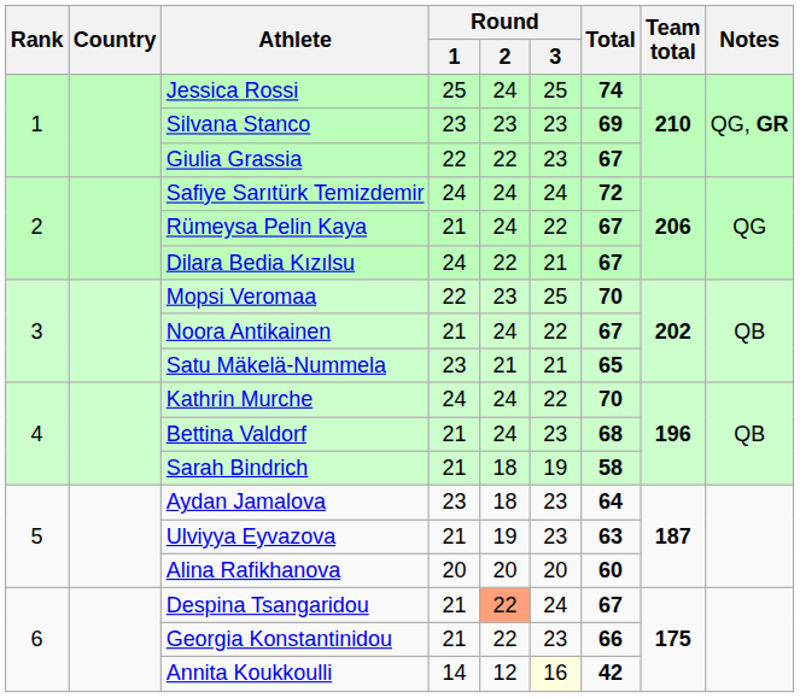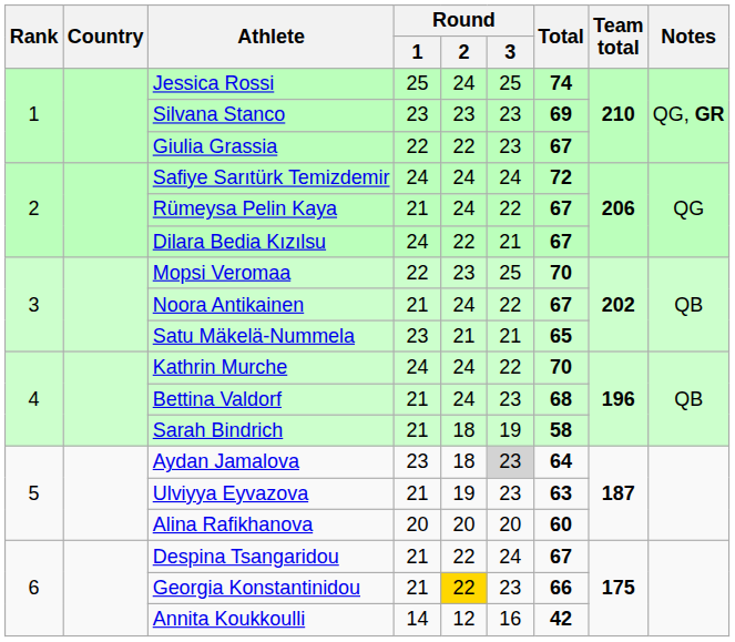 <table class="wikitable sortable" style="text-align:center">
 <tr>
 <th rowspan=2>Rank</th>
 <th rowspan=2>Country</th>
 <th rowspan=2>Athlete</th>
 <th colspan=3>Round</th>
 <th rowspan=2>Total</th>
 <th rowspan=2>Team<br>total</th>
 <th rowspan=2 class="unsortable">Notes</th>
 </tr>
 <tr>
 <th width=30px>1</th>
 <th width=30px>2</th>
 <th width=30px>3</th>
 </tr>
 <tr bgcolor=bbffbb>
 <td rowspan=3>1</td>
 <td rowspan=3 align=left></td>
 <td align=left><a href='#'>Jessica Rossi</a></td>
 <td>25</td>
 <td>24</td>
 <td>25</td>
 <td><strong>74</strong></td>
 <td rowspan=3><strong>210</strong></td>
 <td rowspan=3>QG, <strong>GR</strong></td>
 </tr>
 <tr bgcolor=bbffbb>
 <td align=left><a href='#'>Silvana Stanco</a></td>
 <td>23</td>
 <td>23</td>
 <td>23</td>
 <td><strong>69</strong></td>
 </tr>
 <tr bgcolor=bbffbb>
 <td align=left><a href='#'>Giulia Grassia</a></td>
 <td>22</td>
 <td>22</td>
 <td>23</td>
 <td><strong>67</strong></td>
 </tr>
 <tr bgcolor=bbffbb>
 <td rowspan=3>2</td>
 <td rowspan=3 align=left></td>
 <td align=left><a href='#'>Safiye Sarıtürk Temizdemir</a></td>
 <td>24</td>
 <td>24</td>
 <td>24</td>
 <td><strong>72</strong></td>
 <td rowspan=3><strong>206</strong></td>
 <td rowspan=3>QG</td>
 </tr>
 <tr bgcolor=bbffbb>
 <td align=left><a href='#'>Rümeysa Pelin Kaya</a></td>
 <td>21</td>
 <td>24</td>
 <td>22</td>
 <td><strong>67</strong></td>
 </tr>
 <tr bgcolor=bbffbb>
 <td align=left><a href='#'>Dilara Bedia Kızılsu</a></td>
 <td>24</td>
 <td>22</td>
 <td>21</td>
 <td><strong>67</strong></td>
 </tr>
 <tr bgcolor=ccffcc>
 <td rowspan=3>3</td>
 <td rowspan=3 align=left></td>
 <td align=left><a href='#'>Mopsi Veromaa</a></td>
 <td>22</td>
 <td>23</td>
 <td>25</td>
 <td><strong>70</strong></td>
 <td rowspan=3><strong>202</strong></td>
 <td rowspan=3>QB</td>
 </tr>
 <tr bgcolor=ccffcc>
 <td align=left><a href='#'>Noora Antikainen</a></td>
 <td>21</td>
 <td>24</td>
 <td>22</td>
 <td><strong>67</strong></td>
 </tr>
 <tr bgcolor=ccffcc>
 <td align=left><a href='#'>Satu Mäkelä-Nummela</a></td>
 <td>23</td>
 <td>21</td>
 <td>21</td>
 <td><strong>65</strong></td>
 </tr>
 <tr bgcolor=ccffcc>
 <td rowspan=3>4</td>
 <td rowspan=3 align=left></td>
 <td align=left><a href='#'>Kathrin Murche</a></td>
 <td>24</td>
 <td>24</td>
 <td>22</td>
 <td><strong>70</strong></td>
 <td rowspan=3><strong>196</strong></td>
 <td rowspan=3>QB</td>
 </tr>
 <tr bgcolor=ccffcc>
 <td align=left><a href='#'>Bettina Valdorf</a></td>
 <td>21</td>
 <td>24</td>
 <td>23</td>
 <td><strong>68</strong></td>
 </tr>
 <tr bgcolor=ccffcc>
 <td align=left><a href='#'>Sarah Bindrich</a></td>
 <td>21</td>
 <td>18</td>
 <td>19</td>
 <td><strong>58</strong></td>
 </tr>
 <tr>
 <td rowspan=3>5</td>
 <td rowspan=3 align=left></td>
 <td align=left><a href='#'>Aydan Jamalova</a></td>
 <td>23</td>
 <td>18</td>
-<td>23</td>
+<td style="background: lightgrey;">23</td>
 <td><strong>64</strong></td>
 <td rowspan=3><strong>187</strong></td>
 <td rowspan=3></td>
 </tr>
 <tr>
 <td align=left><a href='#'>Ulviyya Eyvazova</a></td>
 <td>21</td>
 <td>19</td>
 <td>23</td>
 <td><strong>63</strong></td>
 </tr>
 <tr>
 <td align=left><a href='#'>Alina Rafikhanova</a></td>
 <td>20</td>
 <td>20</td>
 <td>20</td>
 <td><strong>60</strong></td>
 </tr>
 <tr>
 <td rowspan=3>6</td>
 <td rowspan=3 align=left></td>
 <td align=left><a href='#'>Despina Tsangaridou</a></td>
 <td>21</td>
-<td style="background: lightsalmon;">22</td>
+<td>22</td>
 <td>24</td>
 <td><strong>67</strong></td>
 <td rowspan=3><strong>175</strong></td>
 <td rowspan=3></td>
 </tr>
 <tr>
 <td align=left><a href='#'>Georgia Konstantinidou</a></td>
 <td>21</td>
-<td>22</td>
+<td style="background: gold;">22</td>
 <td>23</td>
 <td><strong>66</strong></td>
 </tr>
 <tr>
 <td align=left><a href='#'>Annita Koukkoulli</a></td>
 <td>14</td>
 <td>12</td>
-<td style="background: lightyellow;">16</td>
+<td>16</td>
 <td><strong>42</strong></td>
 </tr>
 </table>
